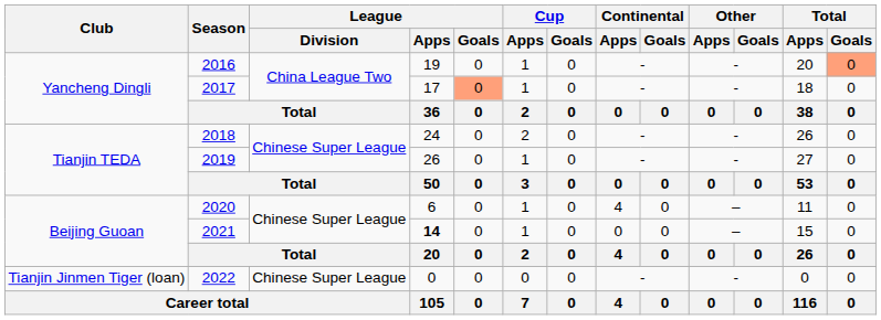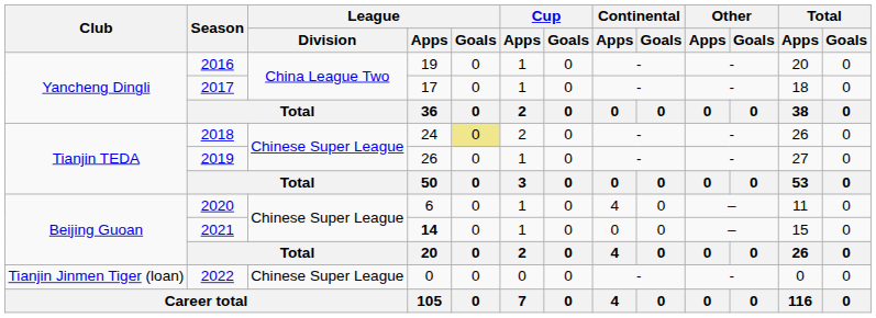 <table class="wikitable" style="text-align: center">
 <tr>
 <th rowspan="2">Club</th>
 <th rowspan="2">Season</th>
 <th colspan="3">League</th>
 <th colspan="2"><a href='#'>Cup</a></th>
 <th colspan="2">Continental</th>
 <th colspan="2">Other</th>
 <th colspan="2">Total</th>
 </tr>
 <tr>
 <th>Division</th>
 <th>Apps</th>
 <th>Goals</th>
 <th>Apps</th>
 <th>Goals</th>
 <th>Apps</th>
 <th>Goals</th>
 <th>Apps</th>
 <th>Goals</th>
 <th>Apps</th>
 <th>Goals</th>
 </tr>
 <tr>
 <td rowspan="3"><a href='#'>Yancheng Dingli</a></td>
 <td><a href='#'>2016</a></td>
 <td rowspan="2"><a href='#'>China League Two</a></td>
 <td>19</td>
 <td>0</td>
 <td>1</td>
 <td>0</td>
 <td colspan="2">-</td>
 <td colspan="2">-</td>
 <td>20</td>
-<td style="background: lightsalmon;">0</td>
+<td>0</td>
 </tr>
 <tr>
 <td><a href='#'>2017</a></td>
 <td>17</td>
-<td style="background: lightsalmon;">0</td>
+<td>0</td>
 <td>1</td>
 <td>0</td>
 <td colspan="2">-</td>
 <td colspan="2">-</td>
 <td>18</td>
 <td>0</td>
 </tr>
 <tr>
 <th colspan="2"><strong>Total</strong></th>
 <th>36</th>
 <th>0</th>
 <th>2</th>
 <th>0</th>
 <th>0</th>
 <th>0</th>
 <th>0</th>
 <th>0</th>
 <th>38</th>
 <th>0</th>
 </tr>
 <tr>
 <td rowspan="3"><a href='#'>Tianjin TEDA</a></td>
 <td><a href='#'>2018</a></td>
 <td rowspan="2"><a href='#'>Chinese Super League</a></td>
 <td>24</td>
-<td>0</td>
+<td style="background: khaki;">0</td>
 <td>2</td>
 <td>0</td>
 <td colspan="2">-</td>
 <td colspan="2">-</td>
 <td>26</td>
 <td>0</td>
 </tr>
 <tr>
 <td><a href='#'>2019</a></td>
 <td>26</td>
 <td>0</td>
 <td>1</td>
 <td>0</td>
 <td colspan="2">-</td>
 <td colspan="2">-</td>
 <td>27</td>
 <td>0</td>
 </tr>
 <tr>
 <th colspan="2"><strong>Total</strong></th>
 <th>50</th>
 <th>0</th>
 <th>3</th>
 <th>0</th>
 <th>0</th>
 <th>0</th>
 <th>0</th>
 <th>0</th>
 <th>53</th>
 <th>0</th>
 </tr>
 <tr>
 <td rowspan="3"><a href='#'>Beijing Guoan</a></td>
 <td><a href='#'>2020</a></td>
 <td rowspan="2">Chinese Super League</td>
 <td>6</td>
 <td>0</td>
 <td>1</td>
 <td>0</td>
 <td>4</td>
 <td>0</td>
 <td colspan="2">–</td>
 <td>11</td>
 <td>0</td>
 </tr>
 <tr>
 <td><a href='#'>2021</a></td>
 <td><strong>14</strong></td>
 <td>0</td>
 <td>1</td>
 <td>0</td>
 <td>0</td>
 <td>0</td>
 <td colspan="2">–</td>
 <td>15</td>
 <td>0</td>
 </tr>
 <tr>
 <th colspan="2">Total</th>
 <th>20</th>
 <th>0</th>
 <th>2</th>
 <th>0</th>
 <th>4</th>
 <th>0</th>
 <th>0</th>
 <th>0</th>
 <th>26</th>
 <th>0</th>
 </tr>
 <tr>
 <td><a href='#'>Tianjin Jinmen Tiger</a> (loan)</td>
 <td><a href='#'>2022</a></td>
 <td>Chinese Super League</td>
 <td>0</td>
 <td>0</td>
 <td>0</td>
 <td>0</td>
 <td colspan="2">-</td>
 <td colspan="2">-</td>
 <td>0</td>
 <td>0</td>
 </tr>
 <tr>
 <th colspan=3>Career total</th>
 <th>105</th>
 <th>0</th>
 <th>7</th>
 <th>0</th>
 <th>4</th>
 <th>0</th>
 <th>0</th>
 <th>0</th>
 <th>116</th>
 <th>0</th>
 </tr>
 </table>
